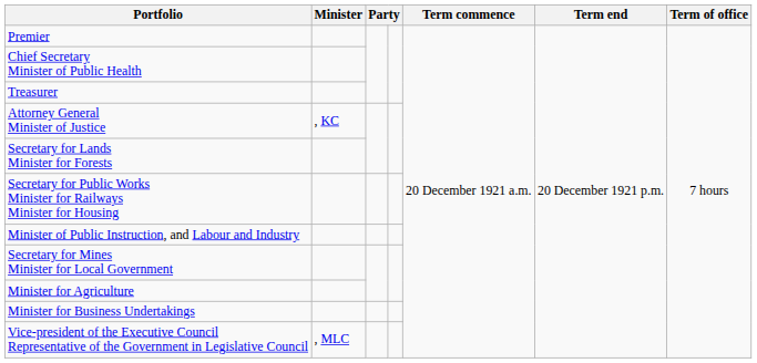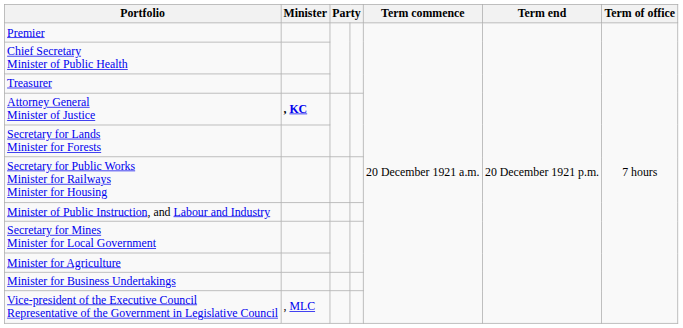 <table class="wikitable sortable">
 <tr>
 <th>Portfolio</th>
 <th>Minister</th>
 <th colspan="2">Party</th>
 <th>Term commence</th>
 <th>Term end</th>
 <th>Term of office</th>
 </tr>
 <tr>
 <td><a href='#'>Premier</a></td>
 <td></td>
 <td rowspan="3" > </td>
 <td rowspan="3"></td>
 <td rowspan="11" align="center">20 December 1921 a.m.</td>
 <td rowspan="11" align="center">20 December 1921 p.m.</td>
 <td rowspan=11 align="center">7 hours</td>
 </tr>
 <tr>
 <td><a href='#'>Chief Secretary</a><br><a href='#'>Minister of Public Health</a></td>
 <td></td>
 </tr>
 <tr>
 <td><a href='#'>Treasurer</a></td>
 <td></td>
 </tr>
 <tr>
 <td><a href='#'>Attorney General</a><br><a href='#'>Minister of Justice</a></td>
-<td>, <a href='#'>KC</a></td>
+<td><strong>, <a href='#'>KC</a></strong></td>
 <td rowspan="2" > </td>
 <td rowspan="2"></td>
 </tr>
 <tr>
 <td><a href='#'>Secretary for Lands</a><br><a href='#'>Minister for Forests</a></td>
 <td></td>
 </tr>
 <tr>
 <td><a href='#'>Secretary for Public Works</a><br><a href='#'>Minister for Railways</a><br><a href='#'>Minister for Housing</a></td>
 <td></td>
 <td> </td>
 <td></td>
 </tr>
 <tr>
 <td><a href='#'>Minister of Public Instruction</a>, and <a href='#'>Labour and Industry</a></td>
 <td></td>
 <td> </td>
 <td></td>
 </tr>
 <tr>
 <td><a href='#'>Secretary for Mines</a><br><a href='#'>Minister for Local Government</a></td>
 <td></td>
 <td rowspan="2" > </td>
 <td rowspan="2"></td>
 </tr>
 <tr>
 <td><a href='#'>Minister for Agriculture</a></td>
 <td></td>
 </tr>
 <tr>
 <td><a href='#'>Minister for Business Undertakings</a></td>
 <td></td>
 <td> </td>
 <td></td>
 </tr>
 <tr>
 <td><a href='#'>Vice-president of the Executive Council</a><br><a href='#'>Representative of the Government in Legislative Council</a></td>
 <td>, <a href='#'>MLC</a></td>
 <td> </td>
 <td></td>
 </tr>
 </table>
